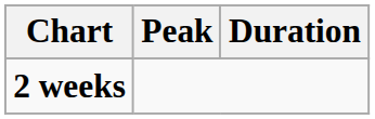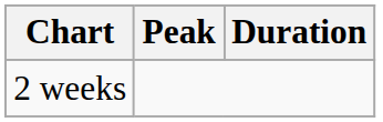 <table class="wikitable plainrowheaders" style="text-align:center">
 <tr>
 <th scope="col">Chart</th>
 <th scope="col">Peak</th>
 <th scope="col">Duration</th>
 </tr>
 <tr>
-<td><strong>2 weeks</strong></td>
+<td>2 weeks</td>
 </tr>
 </table>
